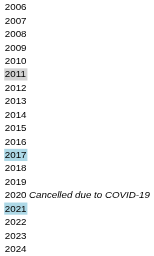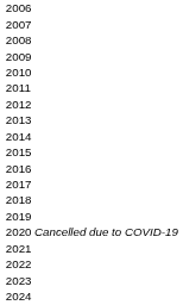 <table>
 <tr>
 <td>2006</td>
 <td></td>
 <td></td>
 <td></td>
 </tr>
 <tr>
 <td>2007</td>
 <td></td>
 <td></td>
 <td></td>
 </tr>
 <tr>
 <td>2008</td>
 <td></td>
 <td></td>
 <td></td>
 </tr>
 <tr>
 <td>2009</td>
 <td></td>
 <td></td>
 <td></td>
 </tr>
 <tr>
 <td>2010</td>
 <td></td>
 <td></td>
 <td></td>
 </tr>
 <tr>
-<td style="background: lightgrey;">2011</td>
+<td>2011</td>
 <td></td>
 <td></td>
 <td></td>
 </tr>
 <tr>
 <td>2012</td>
 <td></td>
 <td></td>
 <td></td>
 </tr>
 <tr>
 <td>2013</td>
 <td></td>
 <td></td>
 <td></td>
 </tr>
 <tr>
 <td>2014</td>
 <td></td>
 <td></td>
 <td></td>
 </tr>
 <tr>
 <td>2015</td>
 <td></td>
 <td></td>
 <td></td>
 </tr>
 <tr>
 <td>2016</td>
 <td></td>
 <td></td>
 <td></td>
 </tr>
 <tr>
-<td style="background: lightblue;">2017</td>
+<td>2017</td>
 <td></td>
 <td></td>
 <td></td>
 <td></td>
 </tr>
 <tr>
 <td>2018</td>
 <td></td>
 <td></td>
 <td></td>
 <td></td>
 </tr>
 <tr>
 <td>2019</td>
 <td></td>
 <td></td>
 <td></td>
 </tr>
 <tr>
 <td>2020</td>
 <td colspan=3 align="center"><em>Cancelled due to COVID-19</em></td>
 <td></td>
 </tr>
 <tr>
-<td style="background: lightblue;">2021</td>
+<td>2021</td>
 <td></td>
 <td></td>
 <td></td>
 </tr>
 <tr>
 <td>2022</td>
 <td></td>
 <td></td>
 <td></td>
 </tr>
 <tr>
 <td>2023</td>
 <td></td>
 <td></td>
 <td></td>
 </tr>
 <tr>
 <td>2024</td>
 <td></td>
 <td></td>
 <td></td>
 <td></td>
 </tr>
 </table>
